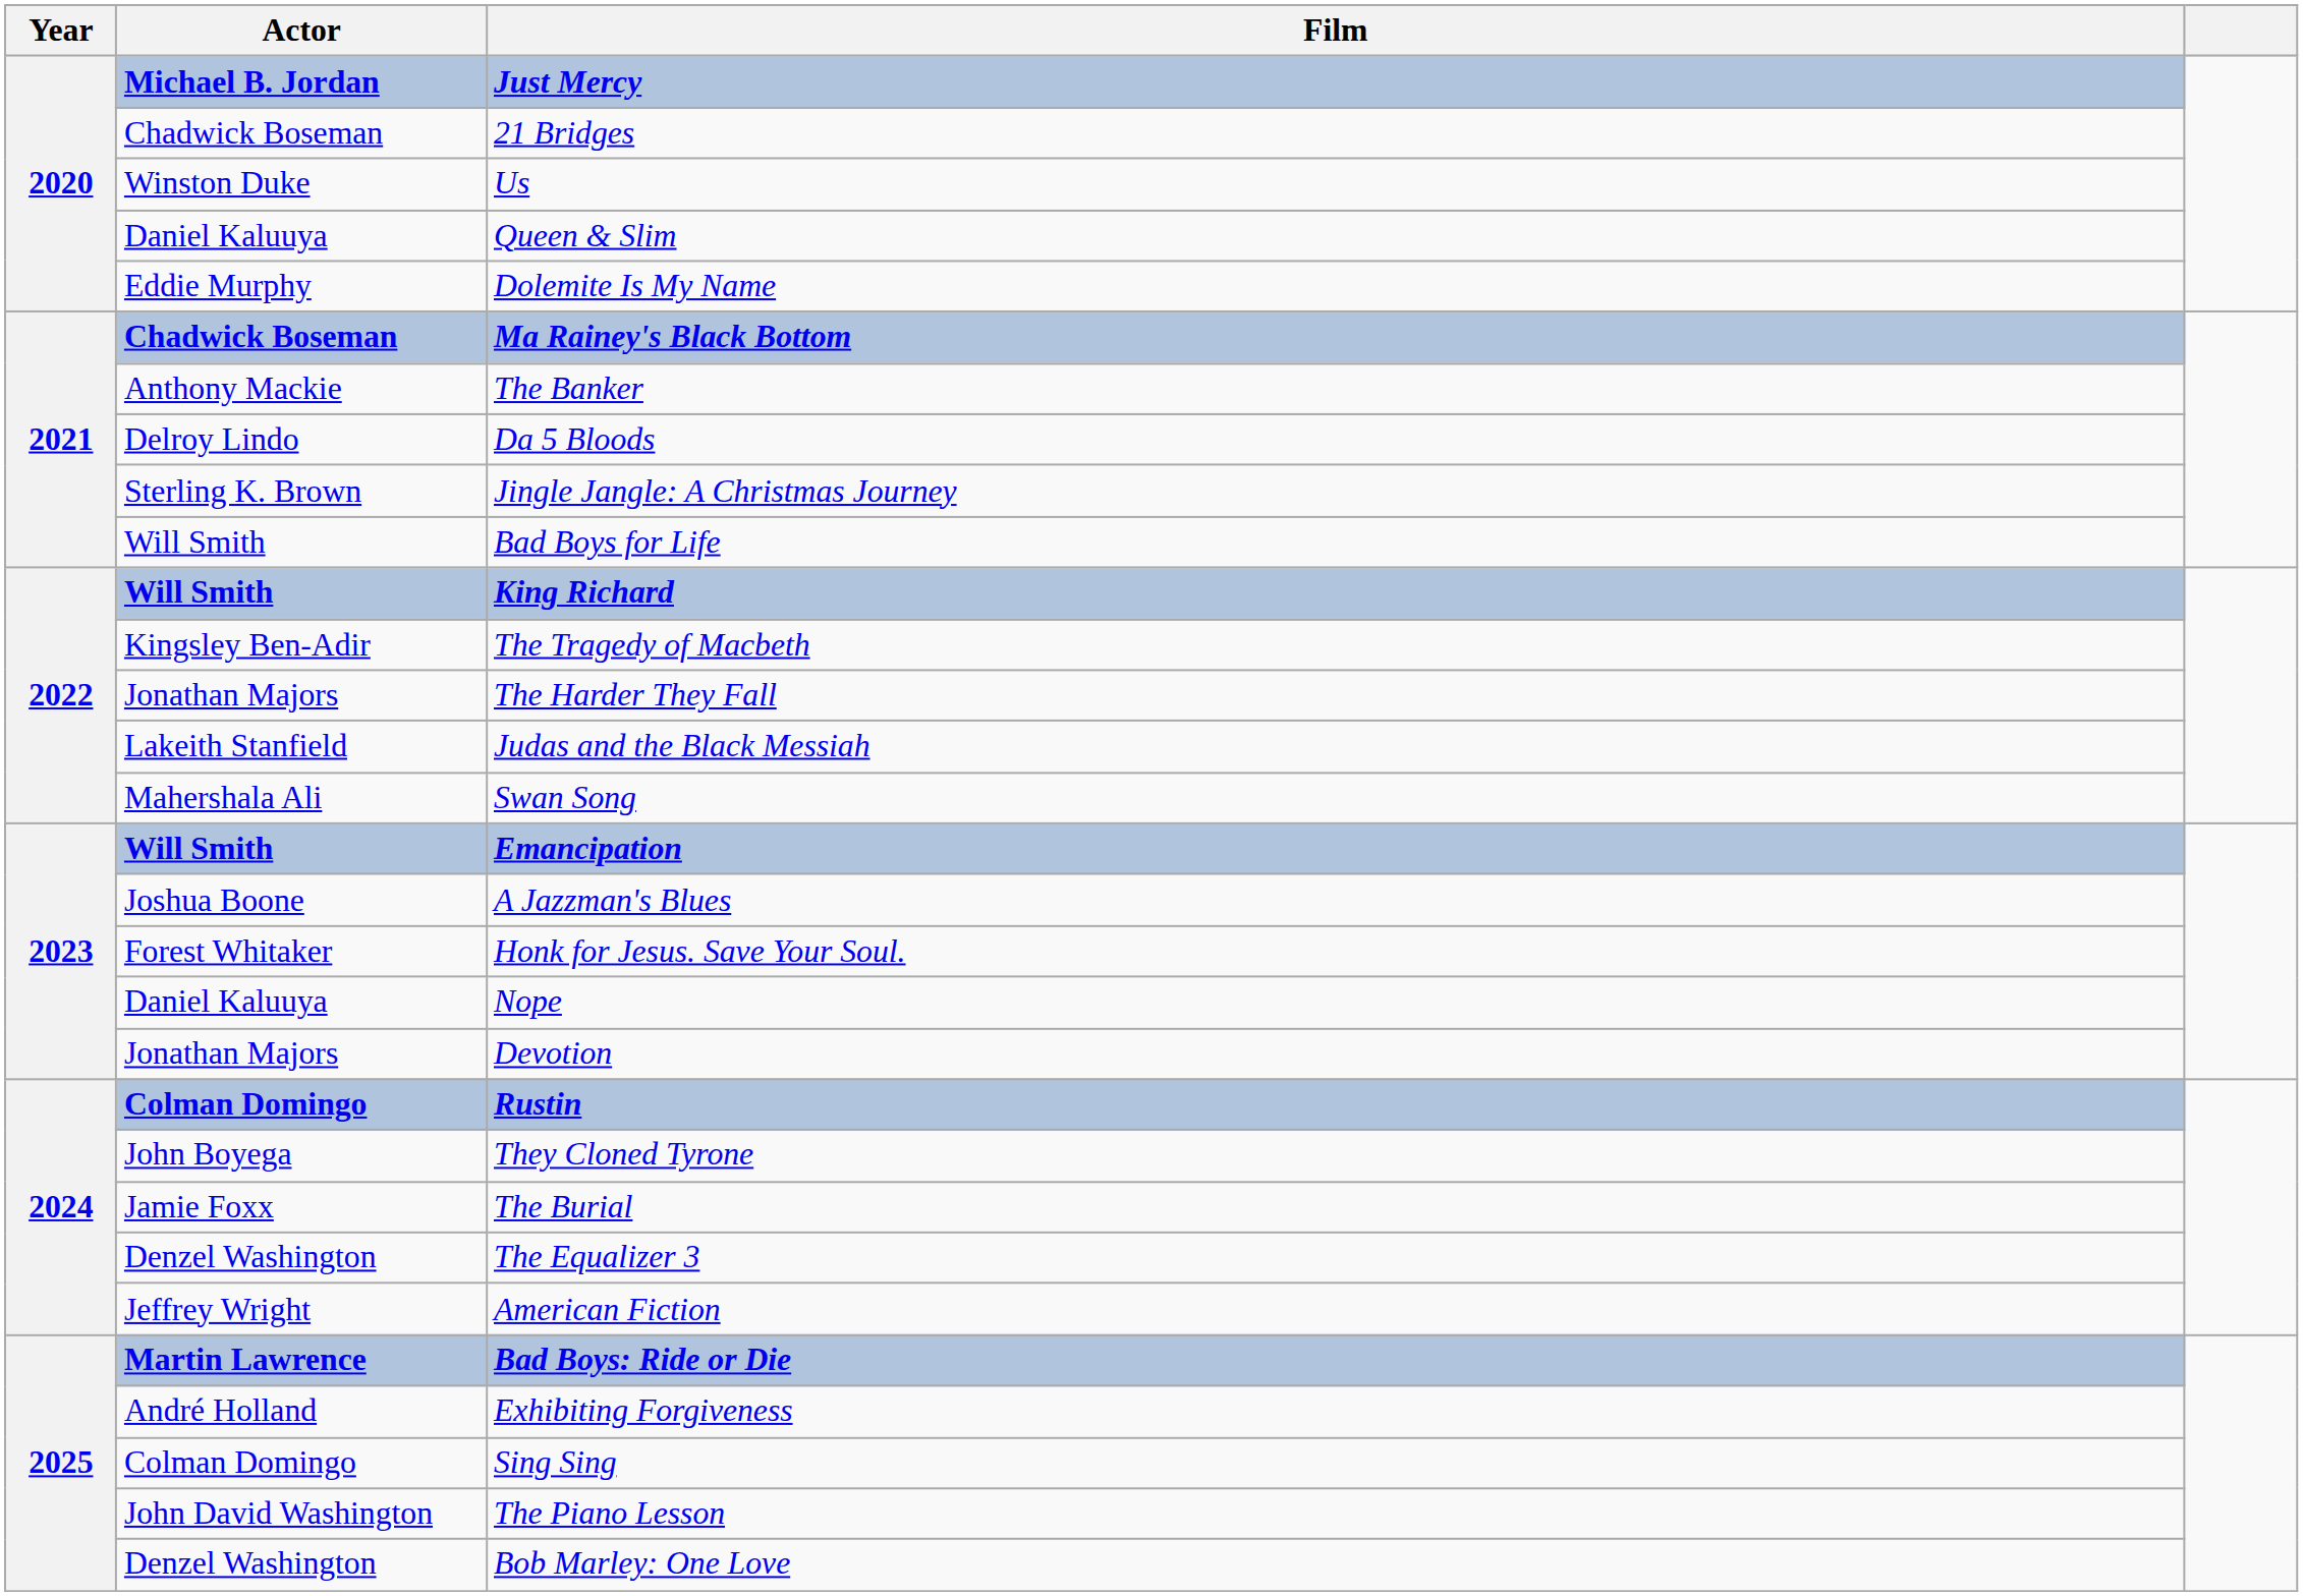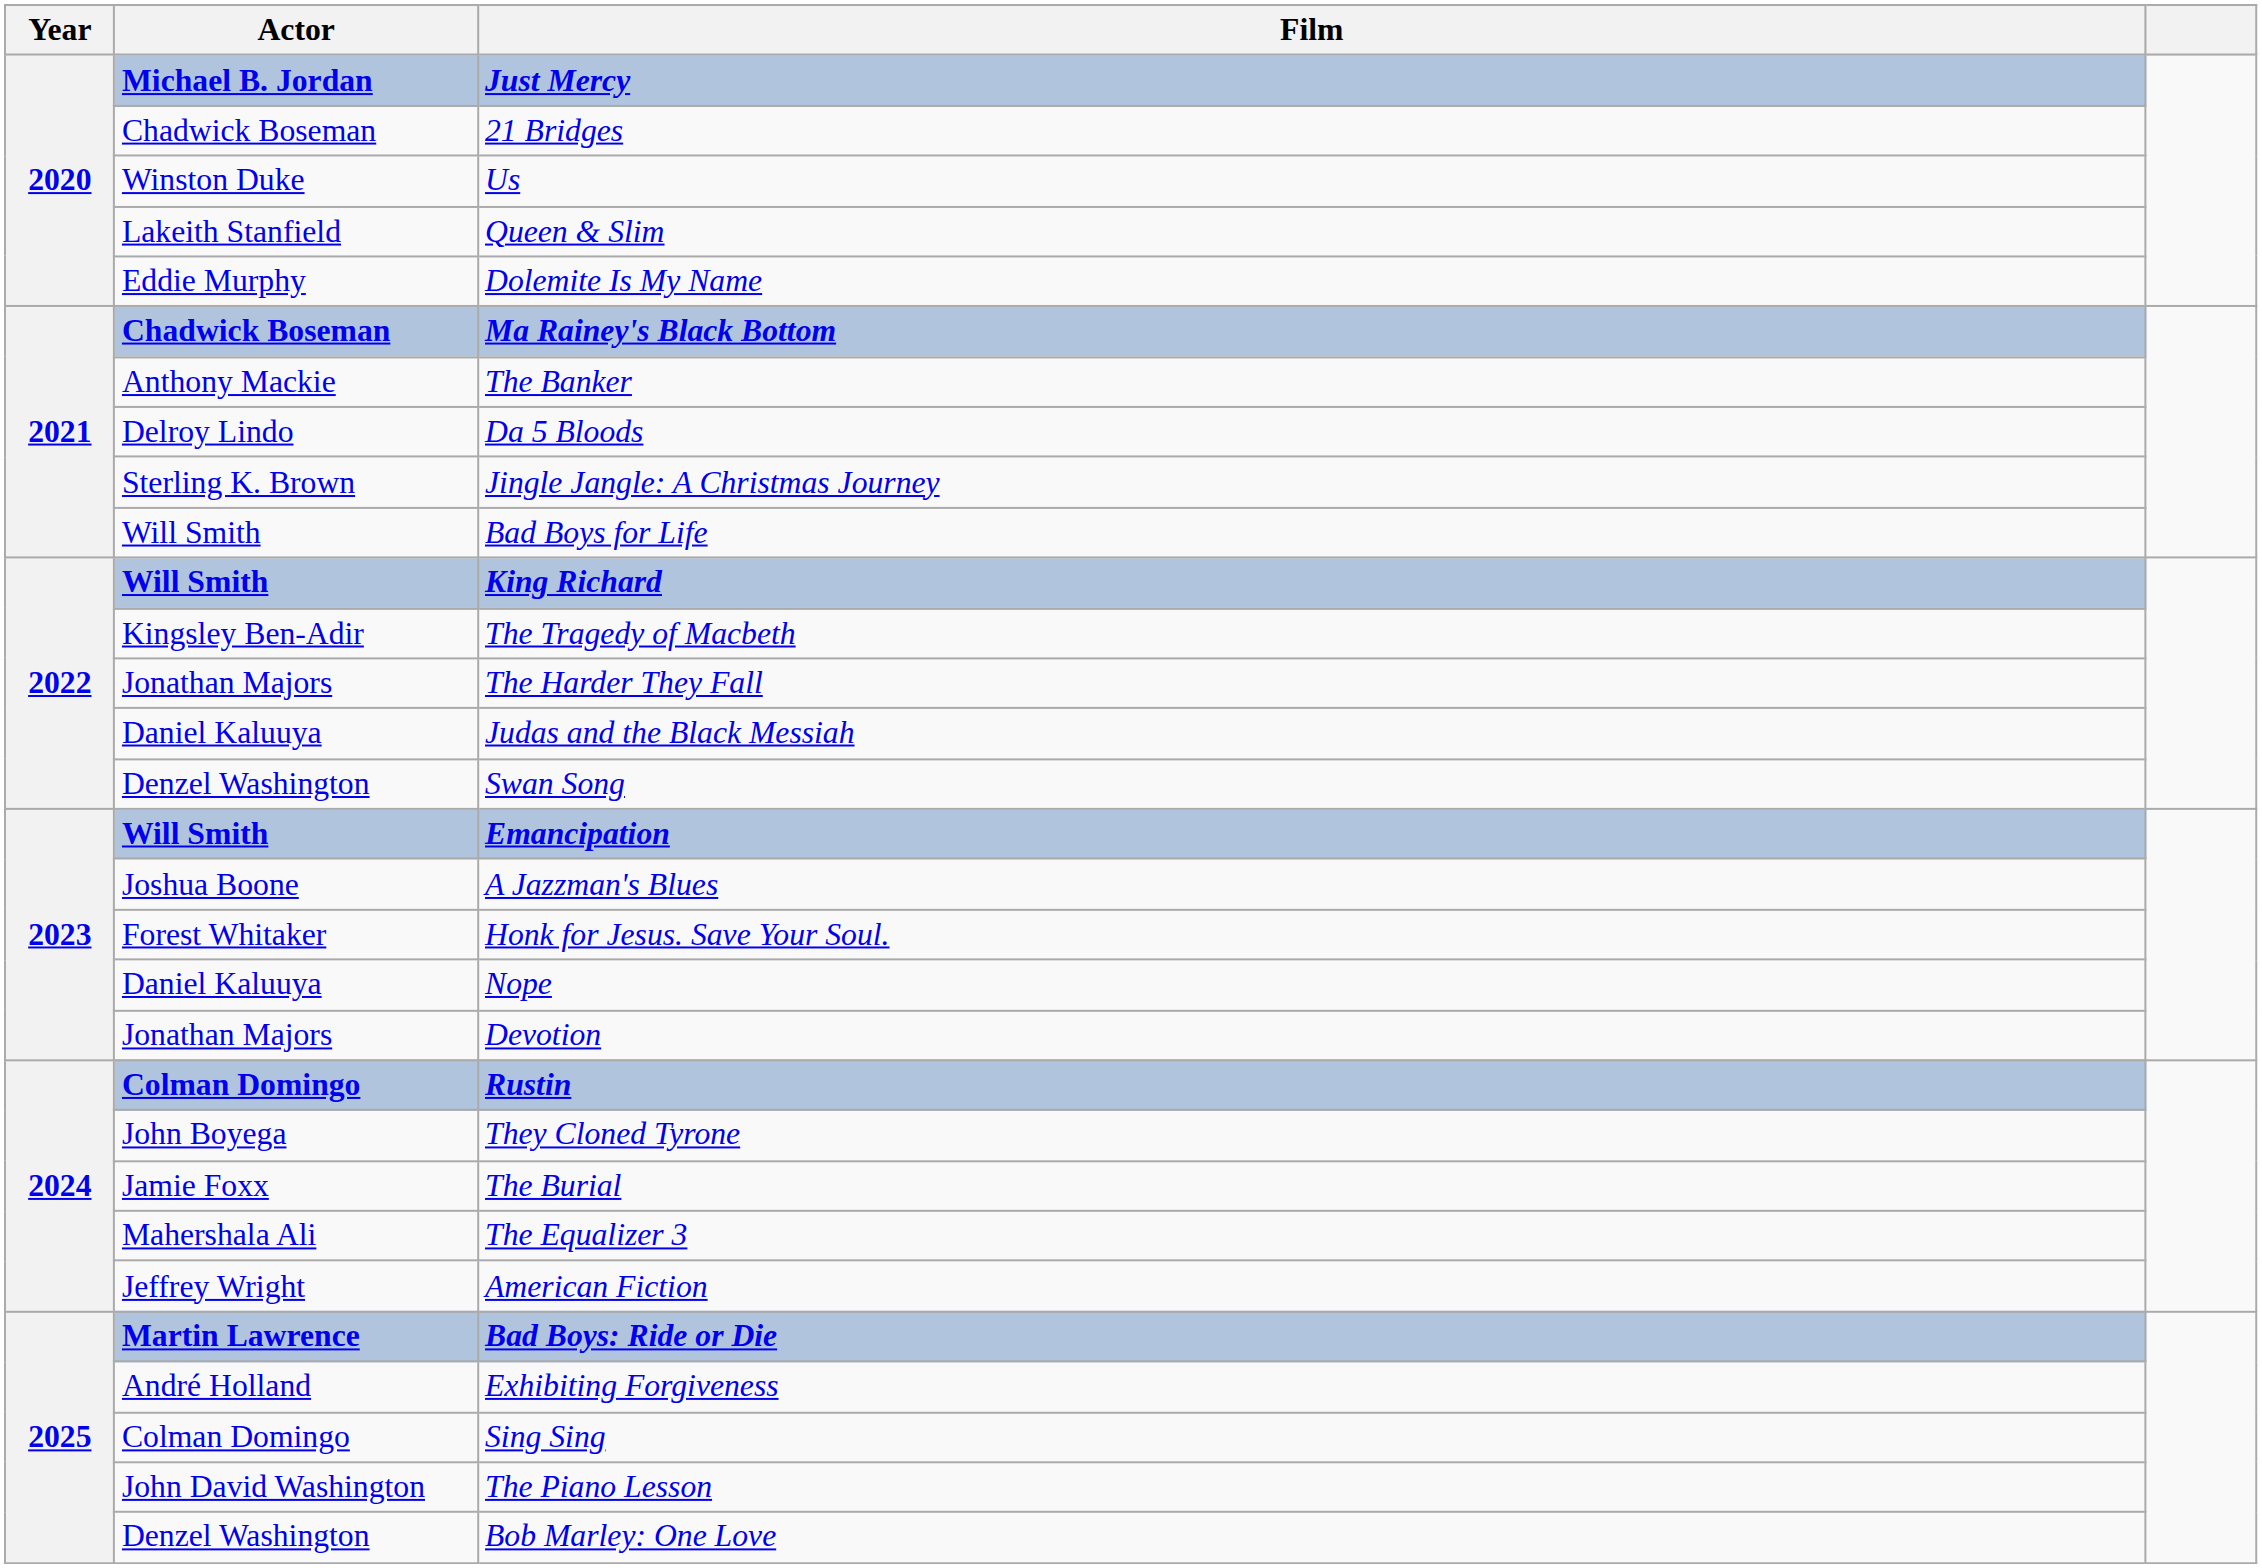 <table class="wikitable" style="width:90%;">
 <tr style="background:#bebebe;">
 <th scope="col" style="width:3em;">Year</th>
 <th scope="col" style="width:11em;">Actor</th>
 <th scope="col">Film</th>
 <th scope="col" style="width:3em;"></th>
 </tr>
 <tr>
 <th scope="row" rowspan="5" style="text-align:center;"><a href='#'>2020</a></th>
 <td style="background:#B0C4DE; font-weight:bold;"><a href='#'>Michael B. Jordan</a></td>
 <td style="background:#B0C4DE; font-weight:bold;"><em><a href='#'>Just Mercy</a></em></td>
 <td rowspan="5" style="text-align:center;"></td>
 </tr>
 <tr>
 <td><a href='#'>Chadwick Boseman</a></td>
 <td><em><a href='#'>21 Bridges</a></em></td>
 </tr>
 <tr>
 <td><a href='#'>Winston Duke</a></td>
 <td><em><a href='#'>Us</a></em></td>
 </tr>
 <tr>
-<td><a href='#'>Daniel Kaluuya</a></td>
+<td><a href='#'>Lakeith Stanfield</a></td>
 <td><em><a href='#'>Queen & Slim</a></em></td>
 </tr>
 <tr>
 <td><a href='#'>Eddie Murphy</a></td>
 <td><em><a href='#'>Dolemite Is My Name</a></em></td>
 </tr>
 <tr>
 <th scope="row" rowspan="5" style="text-align:center;"><a href='#'>2021</a></th>
 <td style="background:#B0C4DE; font-weight:bold;"><a href='#'>Chadwick Boseman</a></td>
 <td style="background:#B0C4DE; font-weight:bold;"><em><a href='#'>Ma Rainey's Black Bottom</a></em></td>
 <td rowspan="5" style="text-align:center;"></td>
 </tr>
 <tr>
 <td><a href='#'>Anthony Mackie</a></td>
 <td><em><a href='#'>The Banker</a></em></td>
 </tr>
 <tr>
 <td><a href='#'>Delroy Lindo</a></td>
 <td><em><a href='#'>Da 5 Bloods</a></em></td>
 </tr>
 <tr>
 <td><a href='#'>Sterling K. Brown</a></td>
 <td><em><a href='#'>Jingle Jangle: A Christmas Journey</a></em></td>
 </tr>
 <tr>
 <td><a href='#'>Will Smith</a></td>
 <td><em><a href='#'>Bad Boys for Life</a></em></td>
 </tr>
 <tr>
 <th scope="row" rowspan="5" style="text-align:center;"><a href='#'>2022</a></th>
 <td style="background:#B0C4DE; font-weight:bold;"><a href='#'>Will Smith</a></td>
 <td style="background:#B0C4DE; font-weight:bold;"><em><a href='#'>King Richard</a></em></td>
 <td rowspan="5" style="text-align:center;"></td>
 </tr>
 <tr>
 <td><a href='#'>Kingsley Ben-Adir</a></td>
 <td><em><a href='#'>The Tragedy of Macbeth</a></em></td>
 </tr>
 <tr>
 <td><a href='#'>Jonathan Majors</a></td>
 <td><em><a href='#'>The Harder They Fall</a></em></td>
 </tr>
 <tr>
-<td><a href='#'>Lakeith Stanfield</a></td>
+<td><a href='#'>Daniel Kaluuya</a></td>
 <td><em><a href='#'>Judas and the Black Messiah</a></em></td>
 </tr>
 <tr>
-<td><a href='#'>Mahershala Ali</a></td>
+<td><a href='#'>Denzel Washington</a></td>
 <td><em><a href='#'>Swan Song</a></em></td>
 </tr>
 <tr>
 <th rowspan="5" scope="row"><a href='#'>2023</a></th>
 <td style="background:#B0C4DE; font-weight:bold;"><a href='#'>Will Smith</a></td>
 <td style="background:#B0C4DE; font-weight:bold;"><em><a href='#'>Emancipation</a></em></td>
 <td rowspan="5" style="text-align:center;"></td>
 </tr>
 <tr>
 <td><a href='#'>Joshua Boone</a></td>
 <td><em><a href='#'>A Jazzman's Blues</a></em></td>
 </tr>
 <tr>
 <td><a href='#'>Forest Whitaker</a></td>
 <td><em><a href='#'>Honk for Jesus. Save Your Soul.</a></em></td>
 </tr>
 <tr>
 <td><a href='#'>Daniel Kaluuya</a></td>
 <td><em><a href='#'>Nope</a></em></td>
 </tr>
 <tr>
 <td><a href='#'>Jonathan Majors</a></td>
 <td><em><a href='#'>Devotion</a></em></td>
 </tr>
 <tr>
 <th rowspan="5" scope="row"><a href='#'>2024</a></th>
 <td style="background:#B0C4DE; font-weight:bold;"><a href='#'>Colman Domingo</a></td>
 <td style="background:#B0C4DE; font-weight:bold;"><em><a href='#'>Rustin</a></em></td>
 <td rowspan="5" style="text-align:center;"></td>
 </tr>
 <tr>
 <td><a href='#'>John Boyega</a></td>
 <td><em><a href='#'>They Cloned Tyrone</a></em></td>
 </tr>
 <tr>
 <td><a href='#'>Jamie Foxx</a></td>
 <td><em><a href='#'>The Burial</a></em></td>
 </tr>
 <tr>
-<td><a href='#'>Denzel Washington</a></td>
+<td><a href='#'>Mahershala Ali</a></td>
 <td><em><a href='#'>The Equalizer 3</a></em></td>
 </tr>
 <tr>
 <td><a href='#'>Jeffrey Wright</a></td>
 <td><em><a href='#'>American Fiction</a></em></td>
 </tr>
 <tr>
 <th rowspan="5" scope="row"><a href='#'>2025</a></th>
 <td style="background:#B0C4DE; font-weight:bold;"><a href='#'>Martin Lawrence</a></td>
 <td style="background:#B0C4DE; font-weight:bold;"><em><a href='#'>Bad Boys: Ride or Die</a></em></td>
 <td rowspan="5"></td>
 </tr>
 <tr>
 <td><a href='#'>André Holland</a></td>
 <td><em><a href='#'>Exhibiting Forgiveness</a></em></td>
 </tr>
 <tr>
 <td><a href='#'>Colman Domingo</a></td>
 <td><em><a href='#'>Sing Sing</a></em></td>
 </tr>
 <tr>
 <td><a href='#'>John David Washington</a></td>
 <td><em><a href='#'>The Piano Lesson</a></em></td>
 </tr>
 <tr>
 <td><a href='#'>Denzel Washington</a></td>
 <td><em><a href='#'>Bob Marley: One Love</a></em></td>
 </tr>
 </table>
